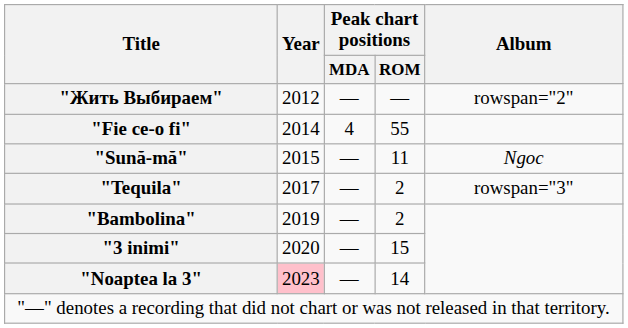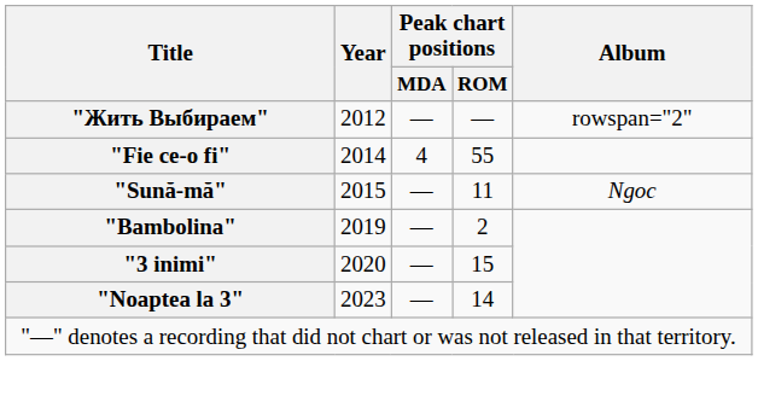 <table class="wikitable plainrowheaders" style="text-align:center">
 <tr>
 <th scope="col" rowspan="2" style="width:14em;">Title</th>
 <th scope="col" rowspan="2" style="width:1em;">Year</th>
 <th colspan="2" scope="col">Peak chart positions</th>
 <th scope="col" rowspan="2" style="width:10em;">Album</th>
 </tr>
 <tr>
 <th scope="col" style="width:2.5em;font-size:90%;">MDA<br></th>
 <th scope="col" style="width:2.5em;font-size:90%;">ROM<br></th>
 </tr>
 <tr>
 <th scope="row">"Жить Выбираем"<br></th>
 <td>2012</td>
 <td>—</td>
 <td>—</td>
 <td>rowspan="2" </td>
 </tr>
 <tr>
 <th scope="row">"Fie ce-o fi"<br></th>
 <td>2014</td>
 <td>4</td>
 <td>55</td>
 </tr>
 <tr>
 <th scope="row">"Sună-mă"<br></th>
 <td>2015</td>
 <td>—</td>
 <td>11</td>
 <td><em>Ngoc</em></td>
 </tr>
 <tr>
-<th scope="row">"Tequila"<br></th>
-<td>2017</td>
-<td>—</td>
-<td>2</td>
-<td>rowspan="3" </td>
-</tr>
-<tr>
 <th scope="row">"Bambolina"<br></th>
 <td>2019</td>
 <td>—</td>
 <td>2</td>
 </tr>
 <tr>
 <th scope="row">"3 inimi"<br></th>
 <td>2020</td>
 <td>—</td>
 <td>15</td>
 </tr>
 <tr>
 <th scope="row">"Noaptea la 3"<br></th>
-<td style="background: pink;">2023</td>
+<td>2023</td>
 <td>—</td>
 <td>14</td>
 </tr>
 <tr>
 <td colspan="5">"—" denotes a recording that did not chart or was not released in that territory.</td>
 </tr>
 </table>
